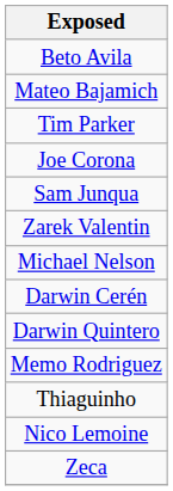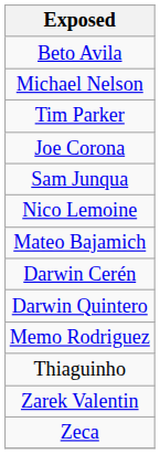 <table class="wikitable" style="text-align:center">
 <tr>
 <th>Exposed</th>
 </tr>
 <tr>
 <td><a href='#'>Beto Avila</a></td>
 </tr>
 <tr>
-<td><a href='#'>Mateo Bajamich</a></td>
+<td><a href='#'>Michael Nelson</a></td>
 </tr>
 <tr>
 <td><a href='#'>Tim Parker</a></td>
 </tr>
 <tr>
 <td><a href='#'>Joe Corona</a></td>
 </tr>
 <tr>
 <td><a href='#'>Sam Junqua</a></td>
 </tr>
 <tr>
-<td><a href='#'>Zarek Valentin</a></td>
+<td><a href='#'>Nico Lemoine</a></td>
 </tr>
 <tr>
-<td><a href='#'>Michael Nelson</a></td>
+<td><a href='#'>Mateo Bajamich</a></td>
 </tr>
 <tr>
 <td><a href='#'>Darwin Cerén</a></td>
 </tr>
 <tr>
 <td><a href='#'>Darwin Quintero</a></td>
 </tr>
 <tr>
 <td><a href='#'>Memo Rodriguez</a></td>
 </tr>
 <tr>
 <td>Thiaguinho</td>
 </tr>
 <tr>
-<td><a href='#'>Nico Lemoine</a></td>
+<td><a href='#'>Zarek Valentin</a></td>
 </tr>
 <tr>
 <td><a href='#'>Zeca</a></td>
 </tr>
 <tr>
 </tr>
 </table>
